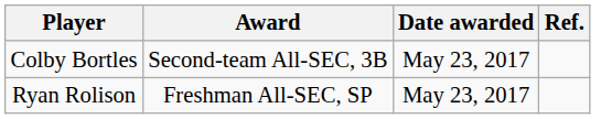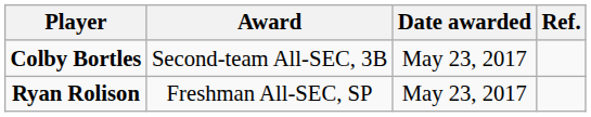 <table class="wikitable sortable sortable" style="text-align: center">
 <tr>
 <th>Player</th>
 <th>Award</th>
 <th>Date awarded</th>
 <th>Ref.</th>
 </tr>
 <tr>
-<td>Colby Bortles</td>
+<td><strong>Colby Bortles</strong></td>
 <td>Second-team All-SEC, 3B</td>
 <td>May 23, 2017</td>
 <td></td>
 </tr>
 <tr>
-<td>Ryan Rolison</td>
+<td><strong>Ryan Rolison</strong></td>
 <td>Freshman All-SEC, SP</td>
 <td>May 23, 2017</td>
 <td></td>
 </tr>
 </table>
